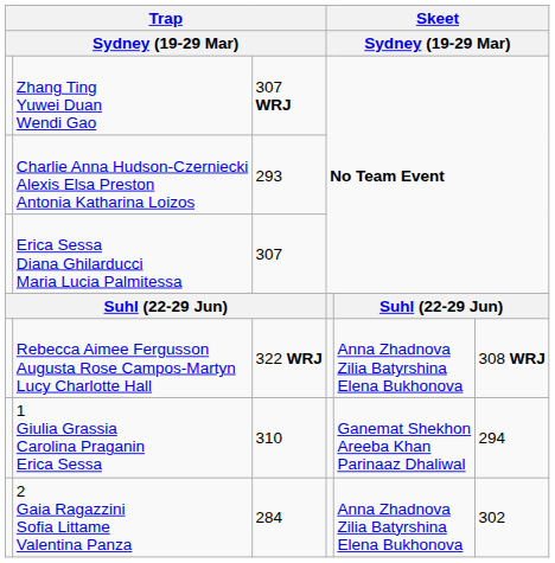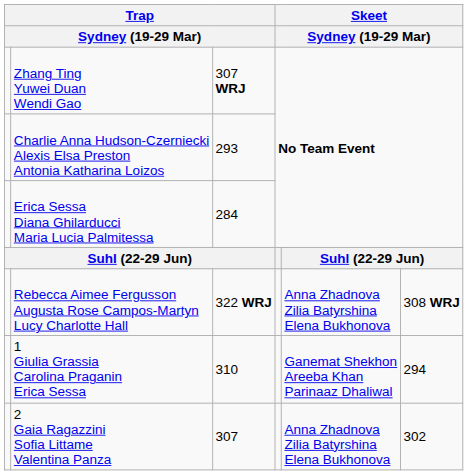 <table class="wikitable" style="font-size: 95%">
 <tr>
 <th colspan="3"><a href='#'>Trap</a></th>
 <th colspan="3"><a href='#'>Skeet</a></th>
 </tr>
 <tr>
 <th colspan="3"><strong><a href='#'>Sydney</a>  (19-29 Mar)</strong></th>
 <th colspan="3"><strong><a href='#'>Sydney</a>  (19-29 Mar)</strong></th>
 </tr>
 <tr>
 <td></td>
 <td><br><a href='#'>Zhang Ting</a><br> <a href='#'>Yuwei Duan</a><br> <a href='#'>Wendi Gao</a></td>
 <td>307<br> <strong>WRJ</strong></td>
 <td colspan="3" rowspan="3"><strong>No Team Event</strong></td>
 </tr>
 <tr>
 <td></td>
 <td><br><a href='#'>Charlie Anna Hudson-Czerniecki</a><br> <a href='#'>Alexis Elsa Preston</a><br> <a href='#'>Antonia Katharina Loizos</a></td>
 <td>293</td>
 </tr>
 <tr>
 <td></td>
 <td><br><a href='#'>Erica Sessa</a><br> <a href='#'>Diana Ghilarducci</a><br> <a href='#'>Maria Lucia Palmitessa</a></td>
-<td>307</td>
+<td>284</td>
 </tr>
 <tr>
 <th colspan="3"><strong><a href='#'>Suhl</a></strong> <strong> (22-29 Jun)</strong></th>
 <th></th>
 <th colspan="3"><strong><a href='#'>Suhl</a></strong> <strong> (22-29 Jun)</strong></th>
 </tr>
 <tr>
 <td></td>
 <td><br><a href='#'>Rebecca Aimee Fergusson</a><br> <a href='#'>Augusta Rose Campos-Martyn</a><br> <a href='#'>Lucy Charlotte Hall</a></td>
 <td>322 <strong>WRJ</strong></td>
 <td></td>
 <td><br><a href='#'>Anna Zhadnova</a><br> <a href='#'>Zilia Batyrshina</a><br> <a href='#'>Elena Bukhonova</a></td>
 <td>308 <strong>WRJ</strong></td>
 </tr>
 <tr>
 <td></td>
 <td> 1<br><a href='#'>Giulia Grassia</a><br> <a href='#'>Carolina Praganin</a><br> <a href='#'>Erica Sessa</a></td>
 <td>310</td>
 <td></td>
 <td><br><a href='#'>Ganemat Shekhon</a><br> <a href='#'>Areeba Khan</a><br> <a href='#'>Parinaaz Dhaliwal</a></td>
 <td>294</td>
 </tr>
 <tr>
 <td></td>
 <td> 2<br><a href='#'>Gaia Ragazzini</a><br> <a href='#'>Sofia Littame</a><br> <a href='#'>Valentina Panza</a></td>
-<td>284</td>
+<td>307</td>
 <td></td>
 <td><br><a href='#'>Anna Zhadnova</a><br> <a href='#'>Zilia Batyrshina</a><br> <a href='#'>Elena Bukhonova</a></td>
 <td>302</td>
 </tr>
 </table>
